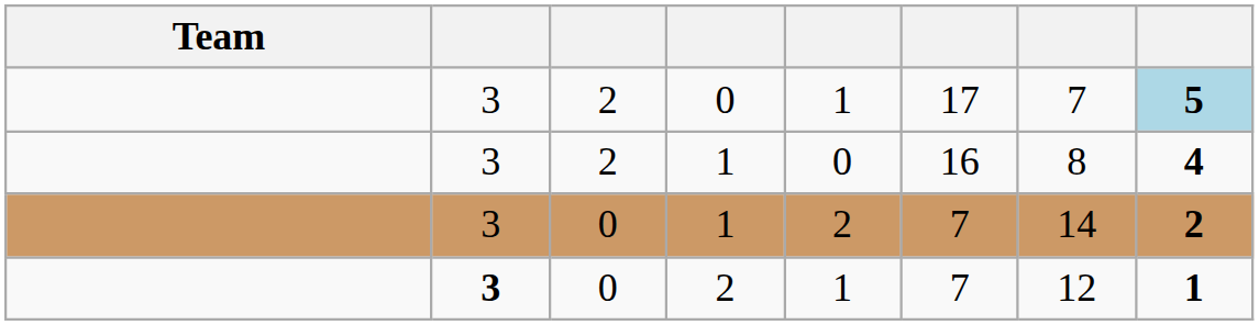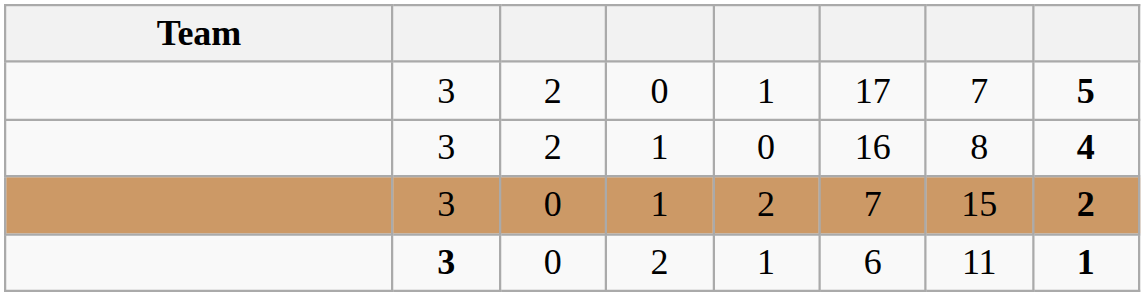 <table class="wikitable" style="text-align:center;">
 <tr>
 <th width=165>Team</th>
 <th width=40></th>
 <th width=40></th>
 <th width=40></th>
 <th width=40></th>
 <th width=40></th>
 <th width=40></th>
 <th width=40></th>
 </tr>
 <tr align=center>
 <td align=left></td>
 <td>3</td>
 <td>2</td>
 <td>0</td>
 <td>1</td>
 <td>17</td>
 <td>7</td>
-<td style="background: lightblue;"><strong>5</strong></td>
+<td><strong>5</strong></td>
 </tr>
 <tr align=center>
 <td align=left></td>
 <td>3</td>
 <td>2</td>
 <td>1</td>
 <td>0</td>
 <td>16</td>
 <td>8</td>
 <td><strong>4</strong></td>
 </tr>
 <tr align=center bgcolor="#cc9966">
 <td align=left> </td>
 <td>3</td>
 <td>0</td>
 <td>1</td>
 <td>2</td>
 <td>7</td>
-<td>14</td>
+<td>15</td>
 <td><strong>2</strong></td>
 </tr>
 <tr align=center>
 <td align=left></td>
 <td><strong>3</strong></td>
 <td>0</td>
 <td>2</td>
 <td>1</td>
-<td>7</td>
-<td>12</td>
+<td>6</td>
+<td>11</td>
 <td><strong>1</strong></td>
 </tr>
 </table>
